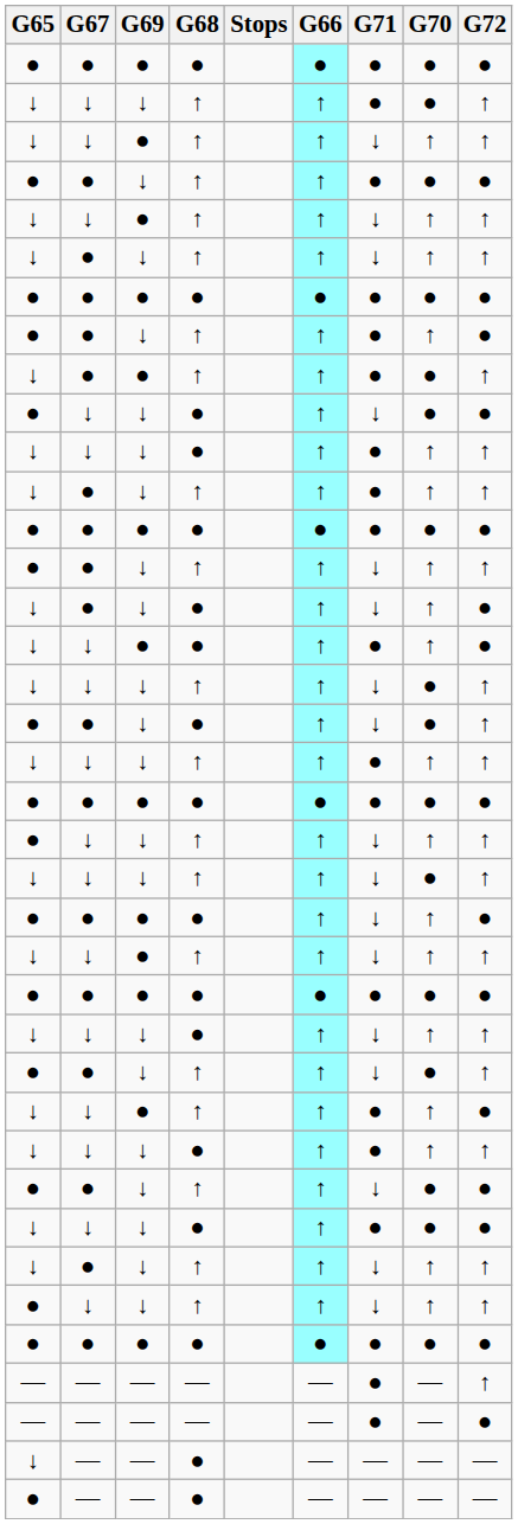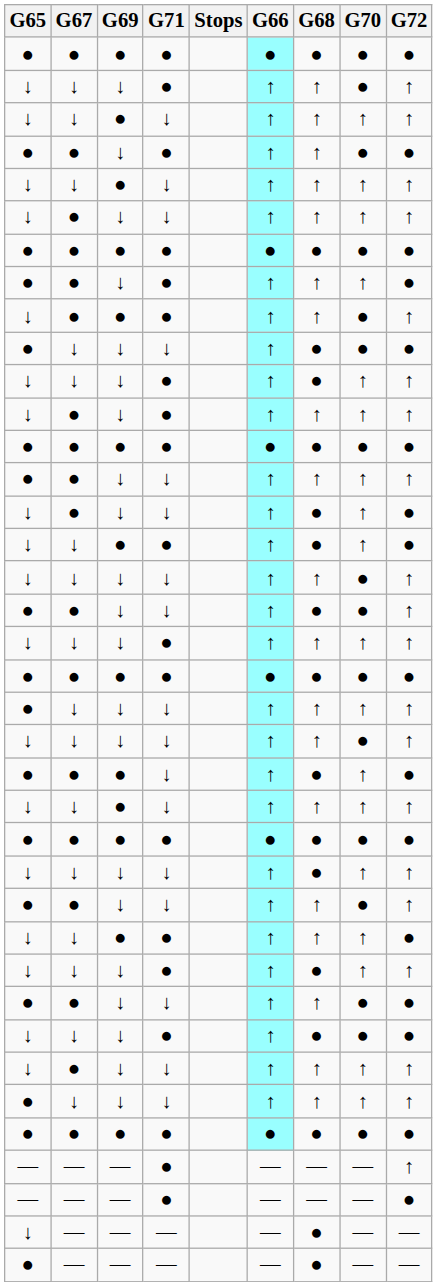 <table class="wikitable" style="text-align: center">
 <tr>
 <th>G65</th>
 <th>G67</th>
 <th>G69</th>
-<th>G68</th>
+<th>G71</th>
 <th>Stops</th>
 <th>G66</th>
-<th>G71</th>
+<th>G68</th>
 <th>G70</th>
 <th>G72</th>
-</tr>
-<tr>
-<td>●</td>
-<td>●</td>
-<td>●</td>
-<td>●</td>
-<td><strong></strong></td>
-<td style="background:#99FFFF">●</td>
-<td>●</td>
-<td>●</td>
-<td>●</td>
-</tr>
-<tr>
-<td>↓</td>
-<td>↓</td>
-<td>↓</td>
-<td>↑</td>
-<td></td>
-<td style="background:#99FFFF">↑</td>
-<td>●</td>
-<td>●</td>
-<td>↑</td>
-</tr>
-<tr>
-<td>↓</td>
-<td>↓</td>
-<td>●</td>
-<td>↑</td>
-<td></td>
-<td style="background:#99FFFF">↑</td>
-<td>↓</td>
-<td>↑</td>
-<td>↑</td>
-</tr>
-<tr>
-<td>●</td>
-<td>●</td>
-<td>↓</td>
-<td>↑</td>
-<td></td>
-<td style="background:#99FFFF">↑</td>
-<td>●</td>
-<td>●</td>
-<td>●</td>
-</tr>
-<tr>
-<td>↓</td>
-<td>↓</td>
-<td>●</td>
-<td>↑</td>
-<td></td>
-<td style="background:#99FFFF">↑</td>
-<td>↓</td>
-<td>↑</td>
-<td>↑</td>
-</tr>
-<tr>
-<td>↓</td>
-<td>●</td>
-<td>↓</td>
-<td>↑</td>
-<td></td>
-<td style="background:#99FFFF">↑</td>
-<td>↓</td>
-<td>↑</td>
-<td>↑</td>
-</tr>
-<tr>
-<td>●</td>
-<td>●</td>
-<td>●</td>
-<td>●</td>
-<td><strong></strong></td>
-<td style="background:#99FFFF">●</td>
-<td>●</td>
-<td>●</td>
-<td>●</td>
-</tr>
-<tr>
-<td>●</td>
-<td>●</td>
-<td>↓</td>
-<td>↑</td>
-<td></td>
-<td style="background:#99FFFF">↑</td>
-<td>●</td>
-<td>↑</td>
-<td>●</td>
-</tr>
-<tr>
-<td>↓</td>
-<td>●</td>
-<td>●</td>
-<td>↑</td>
-<td></td>
-<td style="background:#99FFFF">↑</td>
-<td>●</td>
-<td>●</td>
-<td>↑</td>
-</tr>
-<tr>
-<td>●</td>
-<td>↓</td>
-<td>↓</td>
-<td>●</td>
-<td></td>
-<td style="background:#99FFFF">↑</td>
-<td>↓</td>
-<td>●</td>
-<td>●</td>
-</tr>
-<tr>
-<td>↓</td>
-<td>↓</td>
-<td>↓</td>
-<td>●</td>
-<td></td>
-<td style="background:#99FFFF">↑</td>
-<td>●</td>
-<td>↑</td>
-<td>↑</td>
-</tr>
-<tr>
-<td>↓</td>
-<td>●</td>
-<td>↓</td>
-<td>↑</td>
-<td></td>
-<td style="background:#99FFFF">↑</td>
-<td>●</td>
-<td>↑</td>
-<td>↑</td>
-</tr>
-<tr>
-<td>●</td>
-<td>●</td>
-<td>●</td>
-<td>●</td>
-<td><strong></strong></td>
-<td style="background:#99FFFF">●</td>
-<td>●</td>
-<td>●</td>
-<td>●</td>
-</tr>
-<tr>
-<td>●</td>
-<td>●</td>
-<td>↓</td>
-<td>↑</td>
-<td></td>
-<td style="background:#99FFFF">↑</td>
-<td>↓</td>
-<td>↑</td>
-<td>↑</td>
-</tr>
-<tr>
-<td>↓</td>
-<td>●</td>
-<td>↓</td>
-<td>●</td>
-<td></td>
-<td style="background:#99FFFF">↑</td>
-<td>↓</td>
-<td>↑</td>
-<td>●</td>
-</tr>
-<tr>
-<td>↓</td>
-<td>↓</td>
-<td>●</td>
-<td>●</td>
-<td></td>
-<td style="background:#99FFFF">↑</td>
-<td>●</td>
-<td>↑</td>
-<td>●</td>
-</tr>
-<tr>
-<td>↓</td>
-<td>↓</td>
-<td>↓</td>
-<td>↑</td>
-<td></td>
-<td style="background:#99FFFF">↑</td>
-<td>↓</td>
-<td>●</td>
-<td>↑</td>
-</tr>
-<tr>
-<td>●</td>
-<td>●</td>
-<td>↓</td>
-<td>●</td>
-<td></td>
-<td style="background:#99FFFF">↑</td>
-<td>↓</td>
-<td>●</td>
-<td>↑</td>
-</tr>
-<tr>
-<td>↓</td>
-<td>↓</td>
-<td>↓</td>
-<td>↑</td>
-<td></td>
-<td style="background:#99FFFF">↑</td>
-<td>●</td>
-<td>↑</td>
-<td>↑</td>
-</tr>
-<tr>
-<td>●</td>
-<td>●</td>
-<td>●</td>
-<td>●</td>
-<td><strong></strong></td>
-<td style="background:#99FFFF">●</td>
-<td>●</td>
-<td>●</td>
-<td>●</td>
-</tr>
-<tr>
-<td>●</td>
-<td>↓</td>
-<td>↓</td>
-<td>↑</td>
-<td></td>
-<td style="background:#99FFFF">↑</td>
-<td>↓</td>
-<td>↑</td>
-<td>↑</td>
-</tr>
-<tr>
-<td>↓</td>
-<td>↓</td>
-<td>↓</td>
-<td>↑</td>
-<td></td>
-<td style="background:#99FFFF">↑</td>
-<td>↓</td>
-<td>●</td>
-<td>↑</td>
-</tr>
-<tr>
-<td>●</td>
-<td>●</td>
-<td>●</td>
-<td>●</td>
-<td></td>
-<td style="background:#99FFFF">↑</td>
-<td>↓</td>
-<td>↑</td>
-<td>●</td>
-</tr>
-<tr>
-<td>↓</td>
-<td>↓</td>
-<td>●</td>
-<td>↑</td>
-<td></td>
-<td style="background:#99FFFF">↑</td>
-<td>↓</td>
-<td>↑</td>
-<td>↑</td>
 </tr>
 <tr>
 <td>●</td>
 <td>●</td>
 <td>●</td>
 <td>●</td>
 <td><strong></strong></td>
 <td style="background:#99FFFF">●</td>
 <td>●</td>
 <td>●</td>
 <td>●</td>
 </tr>
 <tr>
 <td>↓</td>
 <td>↓</td>
 <td>↓</td>
 <td>●</td>
 <td></td>
 <td style="background:#99FFFF">↑</td>
+<td>↑</td>
+<td>●</td>
+<td>↑</td>
+</tr>
+<tr>
 <td>↓</td>
+<td>↓</td>
+<td>●</td>
+<td>↓</td>
+<td></td>
+<td style="background:#99FFFF">↑</td>
+<td>↑</td>
 <td>↑</td>
 <td>↑</td>
 </tr>
 <tr>
 <td>●</td>
 <td>●</td>
 <td>↓</td>
-<td>↑</td>
+<td>●</td>
 <td></td>
 <td style="background:#99FFFF">↑</td>
+<td>↑</td>
+<td>●</td>
+<td>●</td>
+</tr>
+<tr>
 <td>↓</td>
+<td>↓</td>
+<td>●</td>
+<td>↓</td>
+<td></td>
+<td style="background:#99FFFF">↑</td>
+<td>↑</td>
+<td>↑</td>
+<td>↑</td>
+</tr>
+<tr>
+<td>↓</td>
+<td>●</td>
+<td>↓</td>
+<td>↓</td>
+<td></td>
+<td style="background:#99FFFF">↑</td>
+<td>↑</td>
+<td>↑</td>
+<td>↑</td>
+</tr>
+<tr>
+<td>●</td>
+<td>●</td>
+<td>●</td>
+<td>●</td>
+<td><strong></strong></td>
+<td style="background:#99FFFF">●</td>
+<td>●</td>
+<td>●</td>
+<td>●</td>
+</tr>
+<tr>
+<td>●</td>
+<td>●</td>
+<td>↓</td>
+<td>●</td>
+<td></td>
+<td style="background:#99FFFF">↑</td>
+<td>↑</td>
+<td>↑</td>
+<td>●</td>
+</tr>
+<tr>
+<td>↓</td>
+<td>●</td>
+<td>●</td>
+<td>●</td>
+<td></td>
+<td style="background:#99FFFF">↑</td>
+<td>↑</td>
+<td>●</td>
+<td>↑</td>
+</tr>
+<tr>
+<td>●</td>
+<td>↓</td>
+<td>↓</td>
+<td>↓</td>
+<td></td>
+<td style="background:#99FFFF">↑</td>
+<td>●</td>
+<td>●</td>
+<td>●</td>
+</tr>
+<tr>
+<td>↓</td>
+<td>↓</td>
+<td>↓</td>
+<td>●</td>
+<td></td>
+<td style="background:#99FFFF">↑</td>
+<td>●</td>
+<td>↑</td>
+<td>↑</td>
+</tr>
+<tr>
+<td>↓</td>
+<td>●</td>
+<td>↓</td>
+<td>●</td>
+<td></td>
+<td style="background:#99FFFF">↑</td>
+<td>↑</td>
+<td>↑</td>
+<td>↑</td>
+</tr>
+<tr>
+<td>●</td>
+<td>●</td>
+<td>●</td>
+<td>●</td>
+<td><strong></strong></td>
+<td style="background:#99FFFF">●</td>
+<td>●</td>
+<td>●</td>
+<td>●</td>
+</tr>
+<tr>
+<td>●</td>
+<td>●</td>
+<td>↓</td>
+<td>↓</td>
+<td></td>
+<td style="background:#99FFFF">↑</td>
+<td>↑</td>
+<td>↑</td>
+<td>↑</td>
+</tr>
+<tr>
+<td>↓</td>
+<td>●</td>
+<td>↓</td>
+<td>↓</td>
+<td></td>
+<td style="background:#99FFFF">↑</td>
+<td>●</td>
+<td>↑</td>
+<td>●</td>
+</tr>
+<tr>
+<td>↓</td>
+<td>↓</td>
+<td>●</td>
+<td>●</td>
+<td></td>
+<td style="background:#99FFFF">↑</td>
+<td>●</td>
+<td>↑</td>
+<td>●</td>
+</tr>
+<tr>
+<td>↓</td>
+<td>↓</td>
+<td>↓</td>
+<td>↓</td>
+<td></td>
+<td style="background:#99FFFF">↑</td>
+<td>↑</td>
+<td>●</td>
+<td>↑</td>
+</tr>
+<tr>
+<td>●</td>
+<td>●</td>
+<td>↓</td>
+<td>↓</td>
+<td></td>
+<td style="background:#99FFFF">↑</td>
+<td>●</td>
+<td>●</td>
+<td>↑</td>
+</tr>
+<tr>
+<td>↓</td>
+<td>↓</td>
+<td>↓</td>
+<td>●</td>
+<td></td>
+<td style="background:#99FFFF">↑</td>
+<td>↑</td>
+<td>↑</td>
+<td>↑</td>
+</tr>
+<tr>
+<td>●</td>
+<td>●</td>
+<td>●</td>
+<td>●</td>
+<td><strong></strong></td>
+<td style="background:#99FFFF">●</td>
+<td>●</td>
+<td>●</td>
+<td>●</td>
+</tr>
+<tr>
+<td>●</td>
+<td>↓</td>
+<td>↓</td>
+<td>↓</td>
+<td></td>
+<td style="background:#99FFFF">↑</td>
+<td>↑</td>
+<td>↑</td>
+<td>↑</td>
+</tr>
+<tr>
+<td>↓</td>
+<td>↓</td>
+<td>↓</td>
+<td>↓</td>
+<td></td>
+<td style="background:#99FFFF">↑</td>
+<td>↑</td>
+<td>●</td>
+<td>↑</td>
+</tr>
+<tr>
+<td>●</td>
+<td>●</td>
+<td>●</td>
+<td>↓</td>
+<td></td>
+<td style="background:#99FFFF">↑</td>
+<td>●</td>
+<td>↑</td>
+<td>●</td>
+</tr>
+<tr>
+<td>↓</td>
+<td>↓</td>
+<td>●</td>
+<td>↓</td>
+<td></td>
+<td style="background:#99FFFF">↑</td>
+<td>↑</td>
+<td>↑</td>
+<td>↑</td>
+</tr>
+<tr>
+<td>●</td>
+<td>●</td>
+<td>●</td>
+<td>●</td>
+<td><strong></strong></td>
+<td style="background:#99FFFF">●</td>
+<td>●</td>
+<td>●</td>
+<td>●</td>
+</tr>
+<tr>
+<td>↓</td>
+<td>↓</td>
+<td>↓</td>
+<td>↓</td>
+<td></td>
+<td style="background:#99FFFF">↑</td>
+<td>●</td>
+<td>↑</td>
+<td>↑</td>
+</tr>
+<tr>
+<td>●</td>
+<td>●</td>
+<td>↓</td>
+<td>↓</td>
+<td></td>
+<td style="background:#99FFFF">↑</td>
+<td>↑</td>
 <td>●</td>
 <td>↑</td>
 </tr>
 <tr>
 <td>↓</td>
 <td>↓</td>
 <td>●</td>
-<td>↑</td>
+<td>●</td>
 <td></td>
 <td style="background:#99FFFF">↑</td>
-<td>●</td>
+<td>↑</td>
 <td>↑</td>
 <td>●</td>
 </tr>
 <tr>
 <td>↓</td>
 <td>↓</td>
 <td>↓</td>
 <td>●</td>
 <td></td>
 <td style="background:#99FFFF">↑</td>
 <td>●</td>
 <td>↑</td>
 <td>↑</td>
 </tr>
 <tr>
 <td>●</td>
 <td>●</td>
 <td>↓</td>
-<td>↑</td>
+<td>↓</td>
 <td></td>
 <td style="background:#99FFFF">↑</td>
-<td>↓</td>
+<td>↑</td>
 <td>●</td>
 <td>●</td>
 </tr>
 <tr>
 <td>↓</td>
 <td>↓</td>
 <td>↓</td>
 <td>●</td>
 <td></td>
 <td style="background:#99FFFF">↑</td>
 <td>●</td>
 <td>●</td>
 <td>●</td>
 </tr>
 <tr>
 <td>↓</td>
 <td>●</td>
 <td>↓</td>
-<td>↑</td>
+<td>↓</td>
 <td></td>
 <td style="background:#99FFFF">↑</td>
-<td>↓</td>
+<td>↑</td>
 <td>↑</td>
 <td>↑</td>
 </tr>
 <tr>
 <td>●</td>
 <td>↓</td>
 <td>↓</td>
-<td>↑</td>
+<td>↓</td>
 <td></td>
 <td style="background:#99FFFF">↑</td>
-<td>↓</td>
+<td>↑</td>
 <td>↑</td>
 <td>↑</td>
 </tr>
 <tr>
 <td>●</td>
 <td>●</td>
 <td>●</td>
 <td>●</td>
 <td><strong></strong></td>
 <td style="background:#99FFFF">●</td>
 <td>●</td>
 <td>●</td>
 <td>●</td>
 </tr>
 <tr>
 <td>—</td>
 <td>—</td>
 <td>—</td>
-<td>—</td>
+<td>●</td>
 <td></td>
 <td>—</td>
-<td>●</td>
+<td>—</td>
 <td>—</td>
 <td>↑</td>
 </tr>
 <tr>
 <td>—</td>
 <td>—</td>
 <td>—</td>
-<td>—</td>
+<td>●</td>
 <td><strong></strong></td>
 <td>—</td>
-<td>●</td>
+<td>—</td>
 <td>—</td>
 <td>●</td>
 </tr>
 <tr>
 <td>↓</td>
 <td>—</td>
 <td>—</td>
-<td>●</td>
+<td>—</td>
 <td></td>
 <td>—</td>
-<td>—</td>
+<td>●</td>
 <td>—</td>
 <td>—</td>
 </tr>
 <tr>
 <td>●</td>
 <td>—</td>
 <td>—</td>
-<td>●</td>
+<td>—</td>
 <td><strong></strong></td>
 <td>—</td>
-<td>—</td>
+<td>●</td>
 <td>—</td>
 <td>—</td>
 </tr>
 </table>
